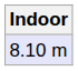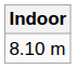 <table class="wikitable" border="1" align="upright">
 <tr>
 <th>Indoor</th>
 </tr>
 <tr>
-<td style="background: lavender;">8.10 m</td>
+<td>8.10 m</td>
 </tr>
 </table>
